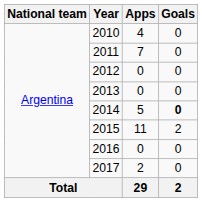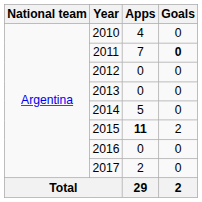 <table class="wikitable" style="text-align:center">
 <tr>
 <th>National team</th>
 <th>Year</th>
 <th>Apps</th>
 <th>Goals</th>
 </tr>
 <tr>
 <td rowspan="8"><a href='#'>Argentina</a></td>
 <td>2010</td>
 <td>4</td>
 <td>0</td>
 </tr>
 <tr>
 <td>2011</td>
 <td>7</td>
-<td>0</td>
+<td><strong>0</strong></td>
 </tr>
 <tr>
 <td>2012</td>
 <td>0</td>
 <td>0</td>
 </tr>
 <tr>
 <td>2013</td>
 <td>0</td>
 <td>0</td>
 </tr>
 <tr>
 <td>2014</td>
 <td>5</td>
-<td><strong>0</strong></td>
+<td>0</td>
 </tr>
 <tr>
 <td>2015</td>
-<td>11</td>
+<td><strong>11</strong></td>
 <td>2</td>
 </tr>
 <tr>
 <td>2016</td>
 <td>0</td>
 <td>0</td>
 </tr>
 <tr>
 <td>2017</td>
 <td>2</td>
 <td>0</td>
 </tr>
 <tr>
 <th colspan="2">Total</th>
 <th>29</th>
 <th>2</th>
 </tr>
 </table>
